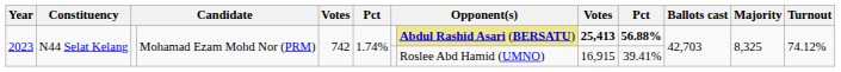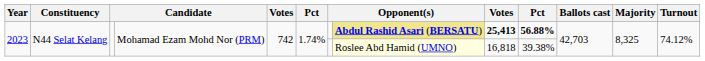 <table class="wikitable" style="margin:0.5em ; font-size:95%">
 <tr>
 <th>Year</th>
 <th>Constituency</th>
 <th colspan=2>Candidate</th>
 <th>Votes</th>
 <th>Pct</th>
 <th colspan=2>Opponent(s)</th>
 <th>Votes</th>
 <th>Pct</th>
 <th>Ballots cast</th>
 <th>Majority</th>
 <th>Turnout</th>
 </tr>
 <tr>
 <td rowspan="2"><a href='#'>2023</a></td>
 <td rowspan="2">N44 <a href='#'>Selat Kelang</a></td>
 <td rowspan="2" bgcolor=></td>
 <td rowspan="2">Mohamad Ezam Mohd Nor (<a href='#'>PRM</a>)</td>
 <td rowspan="2" align=right>742</td>
 <td rowspan="2">1.74%</td>
 <td></td>
 <td style="background: khaki;"><strong><a href='#'>Abdul Rashid Asari</a></strong> (<a href='#'><strong>BERSATU</strong></a>)</td>
 <td align=right><strong>25,413</strong></td>
 <td><strong>56.88%</strong></td>
 <td rowspan="2">42,703</td>
 <td rowspan="2">8,325</td>
 <td rowspan="2">74.12%</td>
 </tr>
 <tr>
 <td></td>
-<td>Roslee Abd Hamid (<a href='#'>UMNO</a>)</td>
-<td align=right>16,915</td>
-<td align=right>39.41%</td>
+<td style="background: lightyellow;">Roslee Abd Hamid (<a href='#'>UMNO</a>)</td>
+<td align=right>16,818</td>
+<td align=right>39.38%</td>
 </tr>
 </table>
